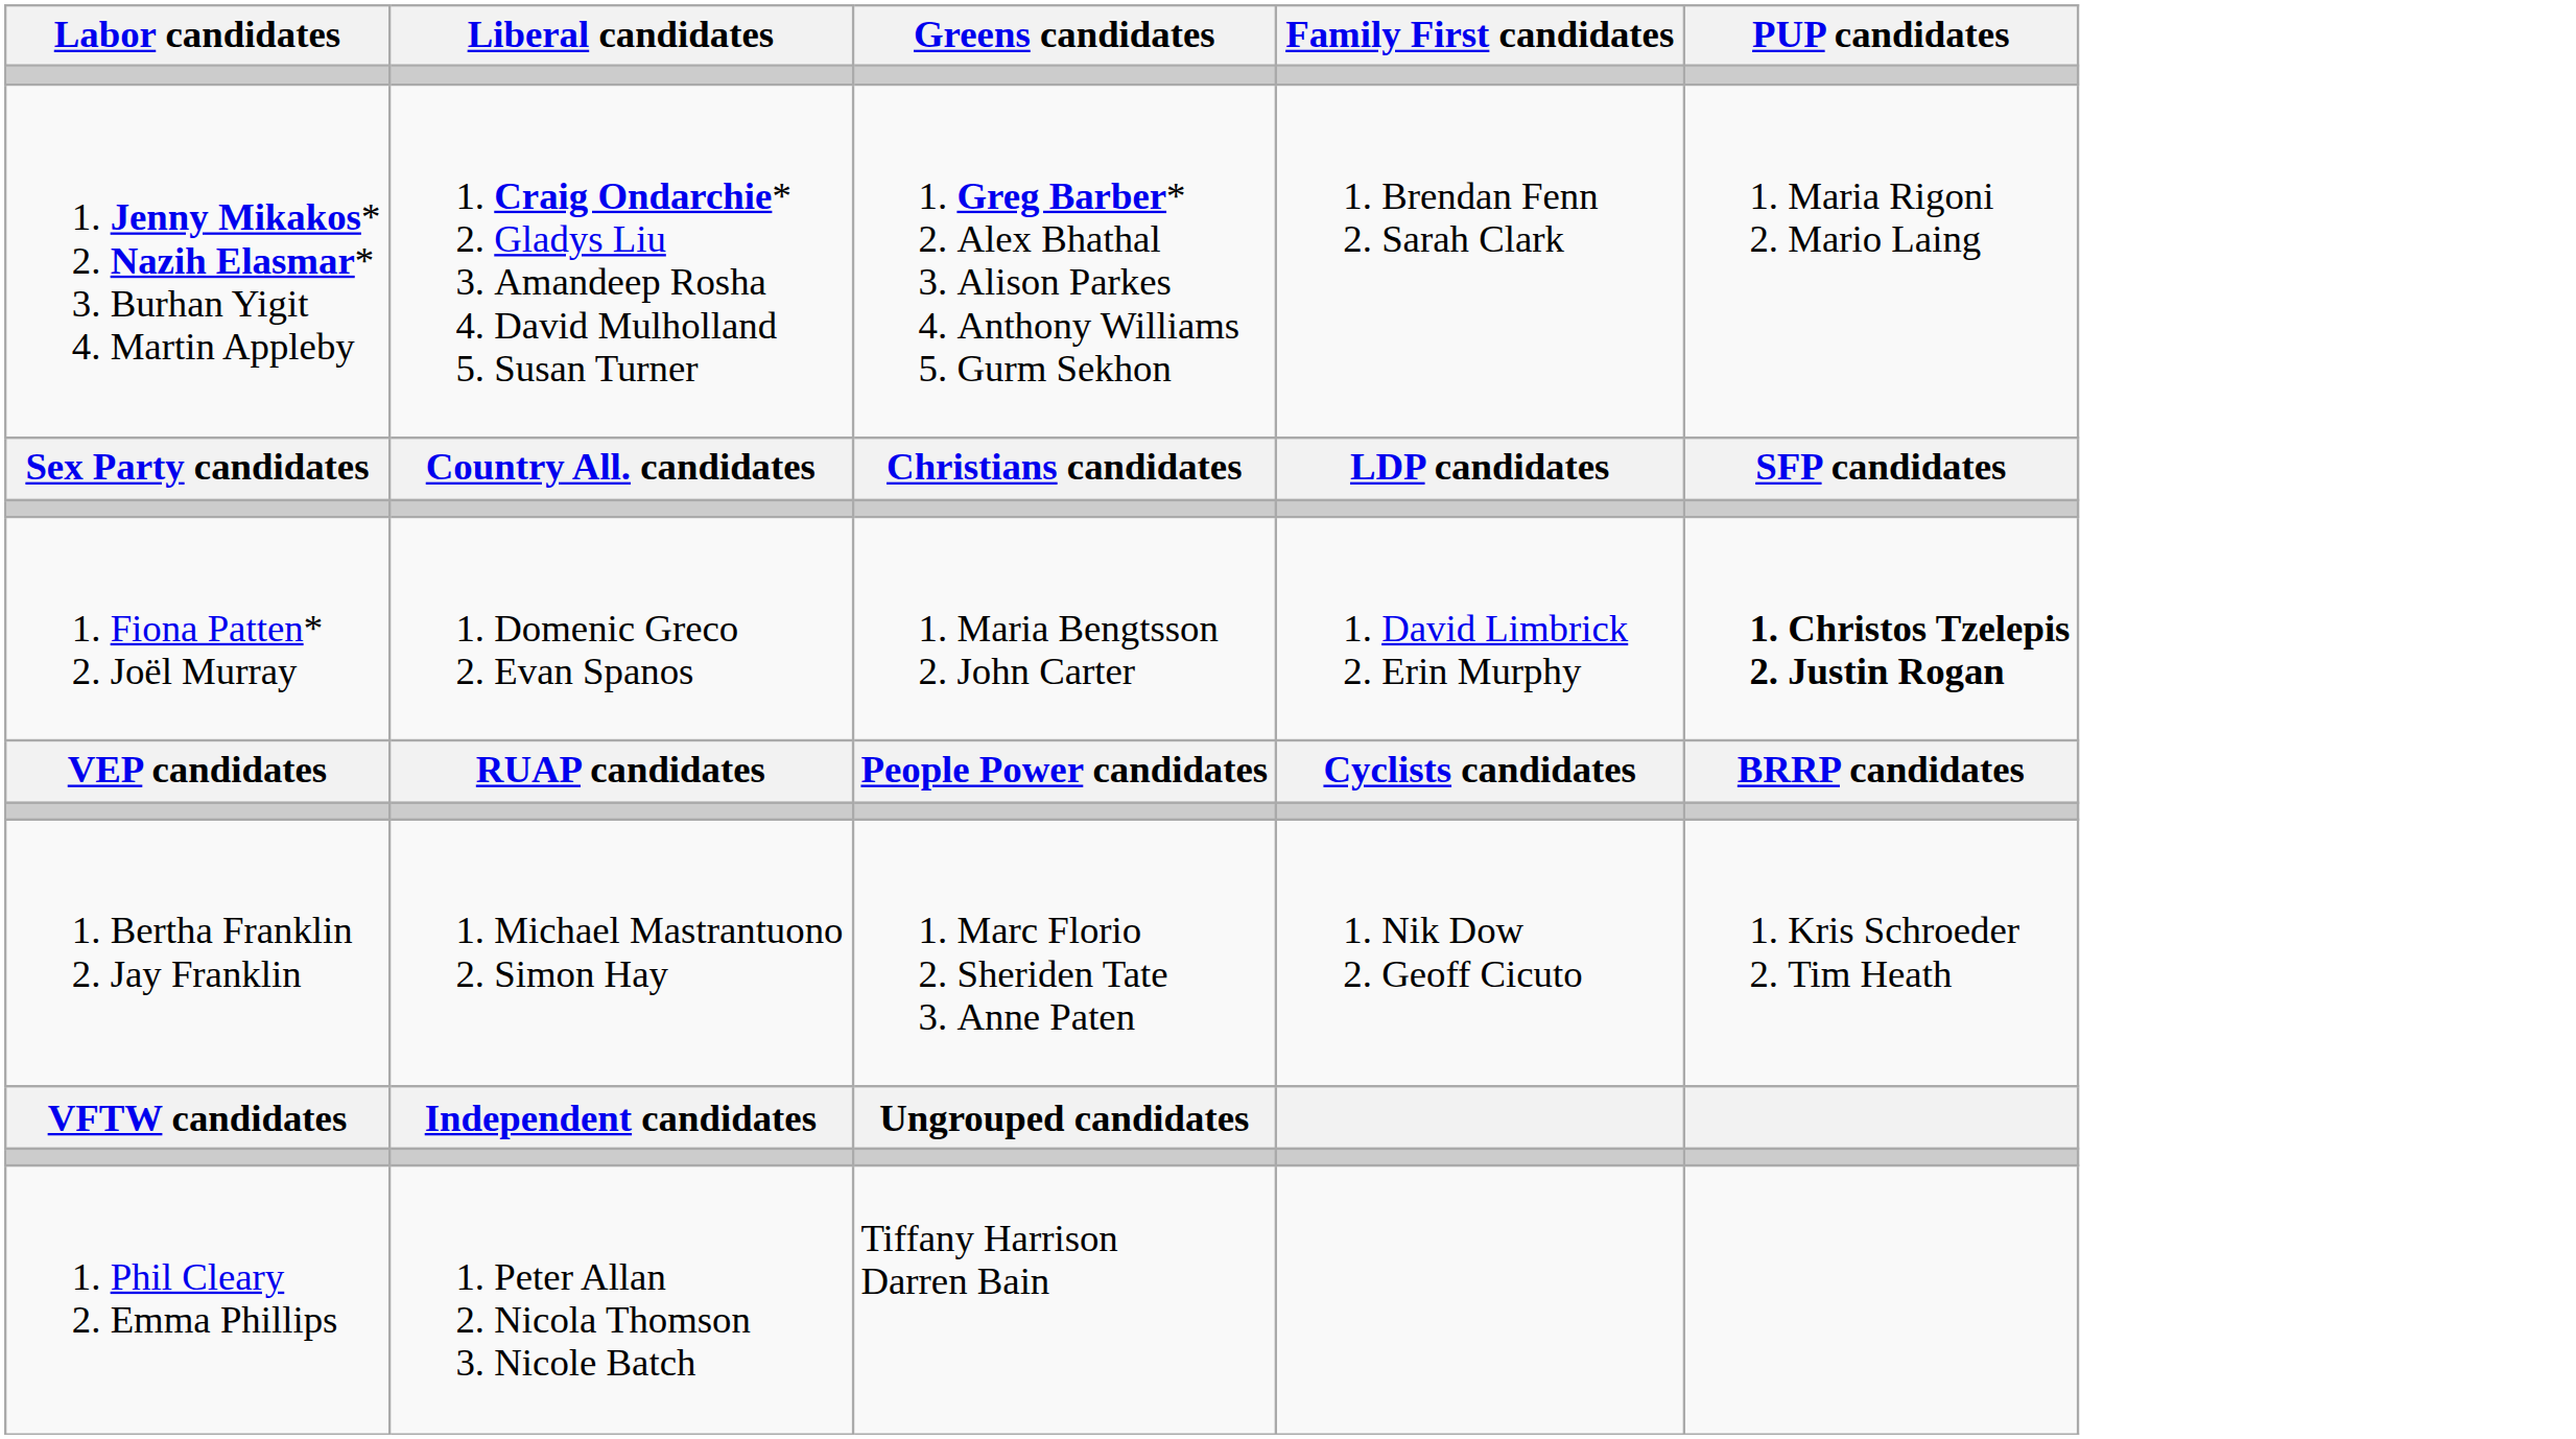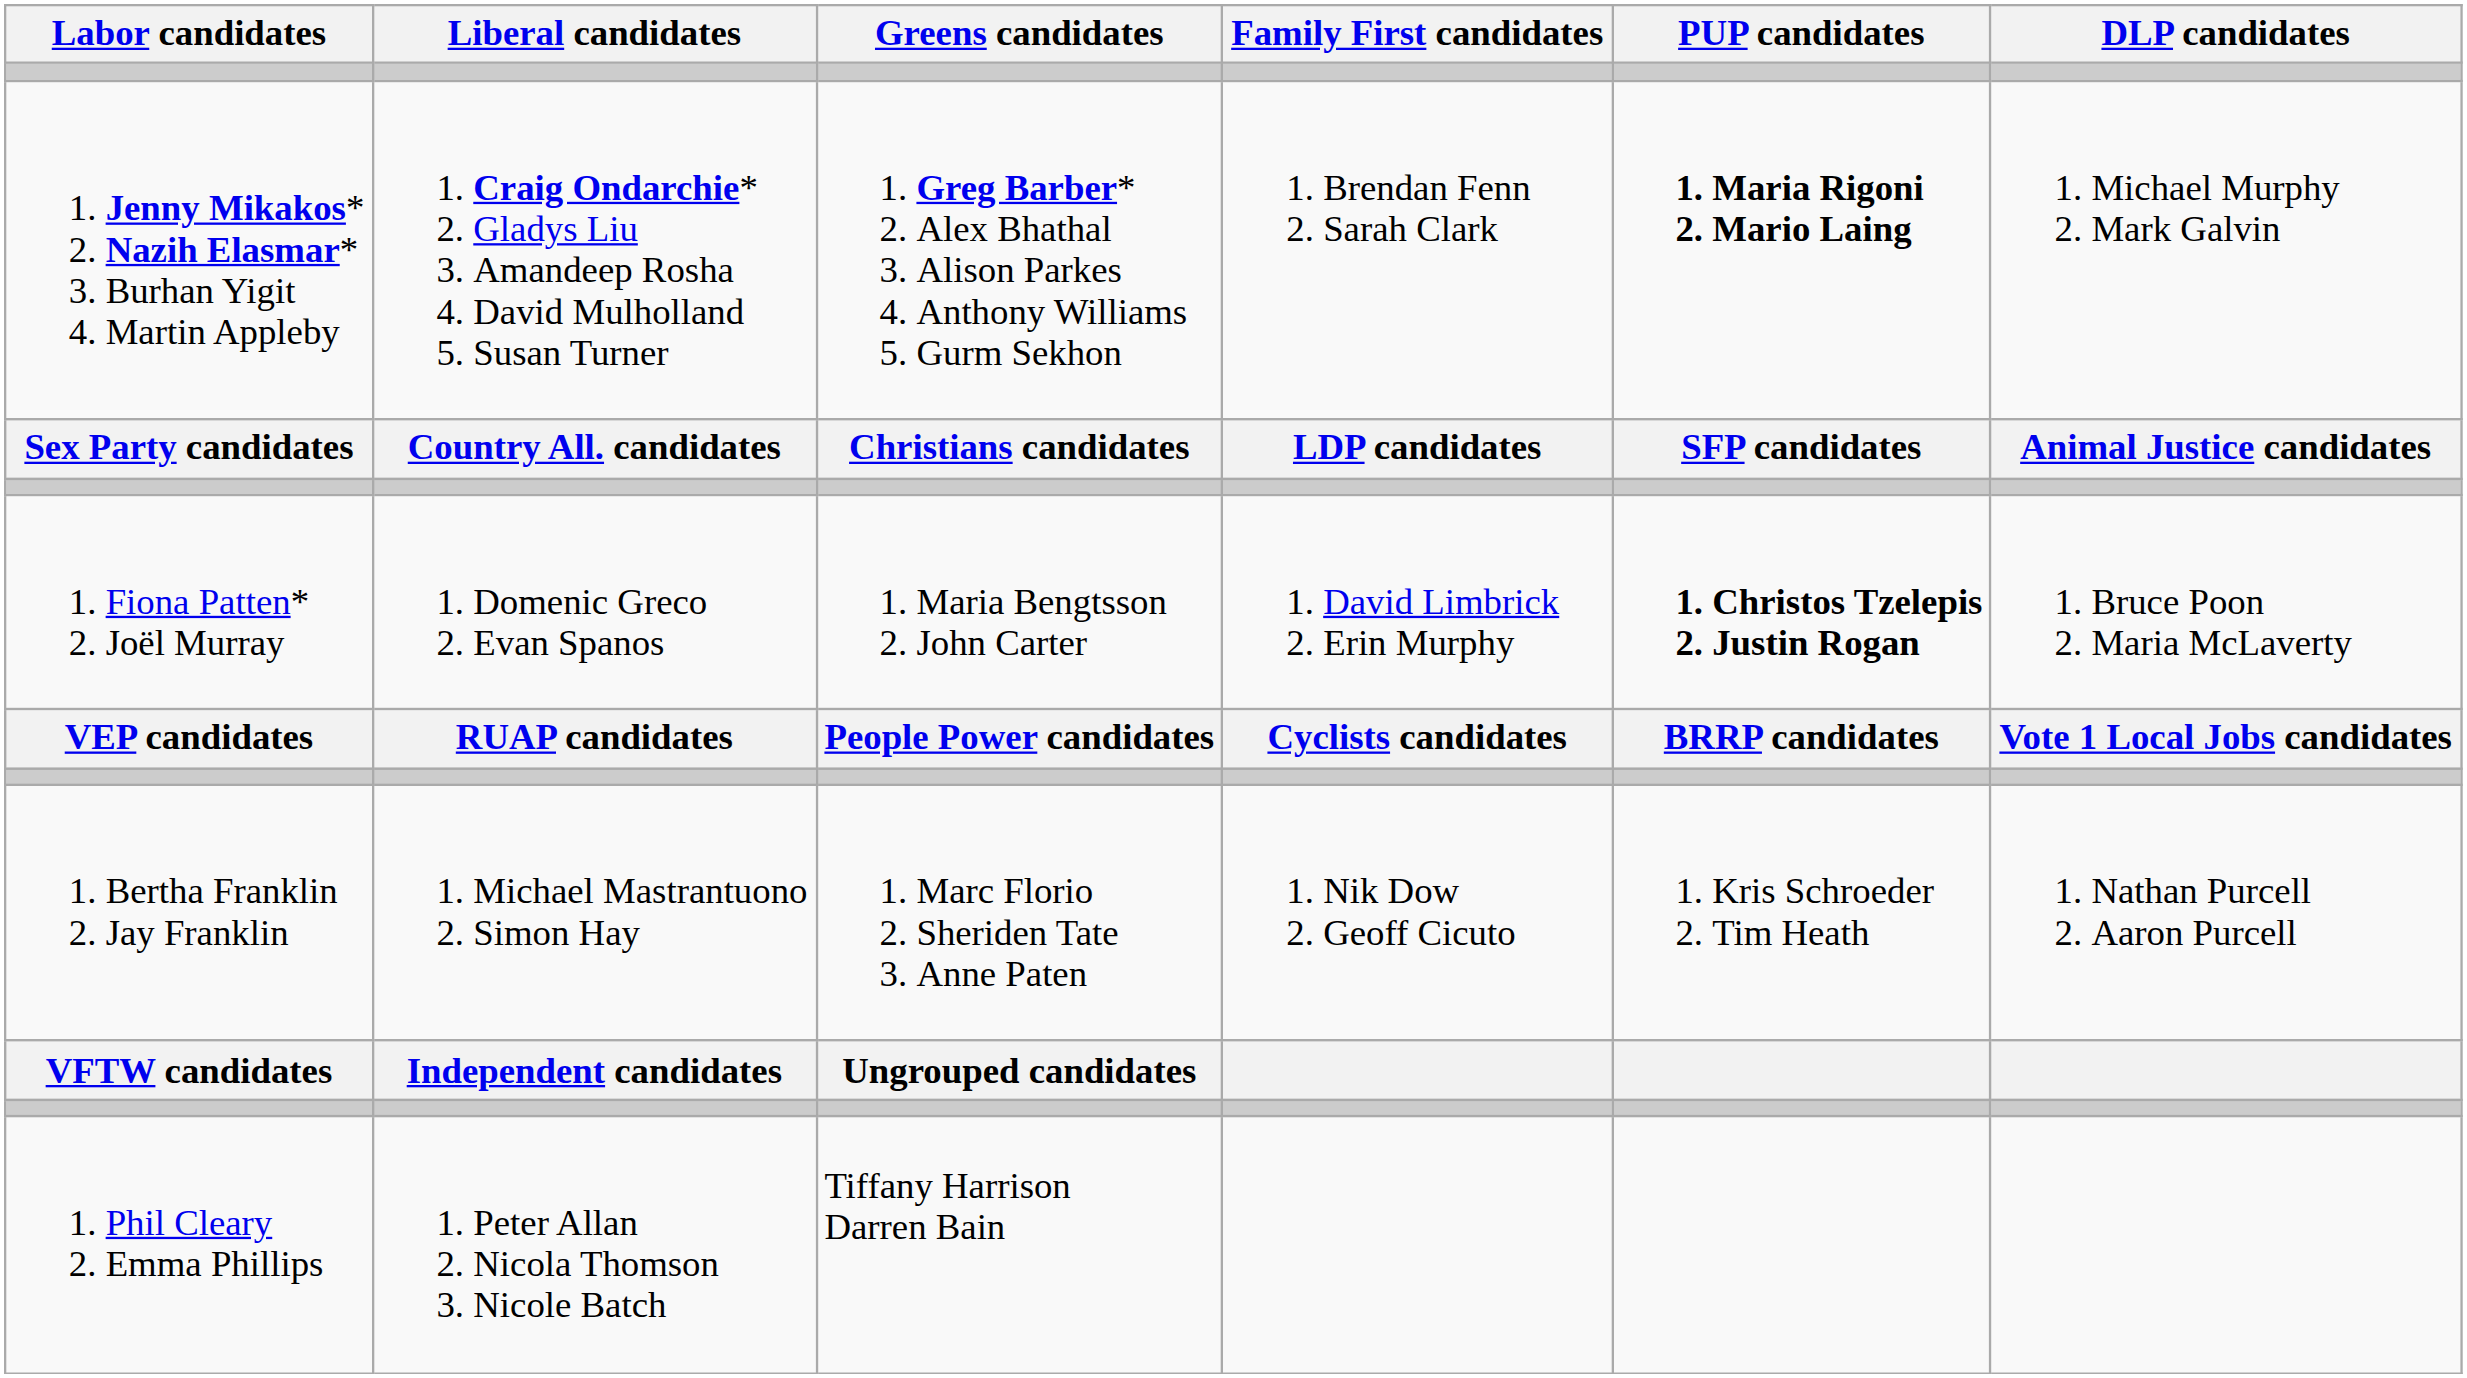 <table class="wikitable">
 <tr>
 <th><a href='#'>Labor</a> candidates</th>
 <th><a href='#'>Liberal</a> candidates</th>
 <th><a href='#'>Greens</a> candidates</th>
 <th><a href='#'>Family First</a> candidates</th>
 <th><a href='#'>PUP</a> candidates</th>
+<th><a href='#'>DLP</a> candidates</th>
 </tr>
 <tr bgcolor="#cccccc">
+<td></td>
 <td></td>
 <td></td>
 <td></td>
 <td></td>
 <td></td>
 </tr>
 <tr>
 <td><br><ol><li><strong><a href='#'>Jenny Mikakos</a></strong>*</li><li><strong><a href='#'>Nazih Elasmar</a></strong>*</li><li>Burhan Yigit</li><li>Martin Appleby</li></ol></td>
 <td><br><ol><li><strong><a href='#'>Craig Ondarchie</a></strong>*</li><li><a href='#'>Gladys Liu</a></li><li>Amandeep Rosha</li><li>David Mulholland</li><li>Susan Turner</li></ol></td>
 <td><br><ol><li><strong><a href='#'>Greg Barber</a></strong>*</li><li>Alex Bhathal</li><li>Alison Parkes</li><li>Anthony Williams</li><li>Gurm Sekhon</li></ol></td>
 <td valign=top><br><ol><li>Brendan Fenn</li><li>Sarah Clark</li></ol></td>
-<td valign=top><br><ol><li>Maria Rigoni</li><li>Mario Laing</li></ol></td>
+<td valign=top><strong><br><ol><li>Maria Rigoni</li><li>Mario Laing</li></ol></strong></td>
+<td valign=top><br><ol><li>Michael Murphy</li><li>Mark Galvin</li></ol></td>
 </tr>
 <tr bgcolor="#cccccc">
 <th><a href='#'>Sex Party</a> candidates</th>
 <th><a href='#'>Country All.</a> candidates</th>
 <th><a href='#'>Christians</a> candidates</th>
 <th><a href='#'>LDP</a> candidates</th>
 <th><a href='#'>SFP</a> candidates</th>
+<th><a href='#'>Animal Justice</a> candidates</th>
 </tr>
 <tr bgcolor="#cccccc">
+<td></td>
 <td></td>
 <td></td>
 <td></td>
 <td></td>
 <td></td>
 </tr>
 <tr>
 <td><br><ol><li><a href='#'>Fiona Patten</a>*</li><li>Joël Murray</li></ol></td>
 <td valign=top><br><ol><li>Domenic Greco</li><li>Evan Spanos</li></ol></td>
 <td valign=top><br><ol><li>Maria Bengtsson</li><li>John Carter</li></ol></td>
 <td valign=top><br><ol><li><a href='#'>David Limbrick</a></li><li>Erin Murphy</li></ol></td>
 <td valign=top><strong><br><ol><li>Christos Tzelepis</li><li>Justin Rogan</li></ol></strong></td>
+<td valign=top><br><ol><li>Bruce Poon</li><li>Maria McLaverty</li></ol></td>
 </tr>
 <tr bgcolor="#cccccc">
 <th><a href='#'>VEP</a> candidates</th>
 <th><a href='#'>RUAP</a> candidates</th>
 <th><a href='#'>People Power</a> candidates</th>
 <th><a href='#'>Cyclists</a> candidates</th>
 <th><a href='#'>BRRP</a> candidates</th>
+<th><a href='#'>Vote 1 Local Jobs</a> candidates</th>
 </tr>
 <tr bgcolor="#cccccc">
+<td></td>
 <td></td>
 <td></td>
 <td></td>
 <td></td>
 <td></td>
 </tr>
 <tr>
 <td valign=top><br><ol><li>Bertha Franklin</li><li>Jay Franklin</li></ol></td>
 <td valign=top><br><ol><li>Michael Mastrantuono</li><li>Simon Hay</li></ol></td>
 <td valign=top><br><ol><li>Marc Florio</li><li>Sheriden Tate</li><li>Anne Paten</li></ol></td>
 <td valign=top><br><ol><li>Nik Dow</li><li>Geoff Cicuto</li></ol></td>
 <td valign=top><br><ol><li>Kris Schroeder</li><li>Tim Heath</li></ol></td>
+<td valign=top><br><ol><li>Nathan Purcell</li><li>Aaron Purcell</li></ol></td>
 </tr>
 <tr bgcolor="#cccccc">
 <th><a href='#'>VFTW</a> candidates</th>
 <th><a href='#'>Independent</a> candidates</th>
 <th>Ungrouped candidates</th>
 <th></th>
 <th></th>
+<th></th>
 </tr>
 <tr bgcolor="#cccccc">
+<td></td>
 <td></td>
 <td></td>
 <td></td>
 <td></td>
 <td></td>
 </tr>
 <tr>
 <td valign=top><br><ol><li><a href='#'>Phil Cleary</a></li><li>Emma Phillips</li></ol></td>
 <td valign=top><br><ol><li>Peter Allan</li><li>Nicola Thomson</li><li>Nicole Batch</li></ol></td>
 <td valign=top><br>Tiffany Harrison <br> Darren Bain</td>
 <td valign=top></td>
 <td valign=top></td>
+<td valign=top></td>
 </tr>
 </table>
